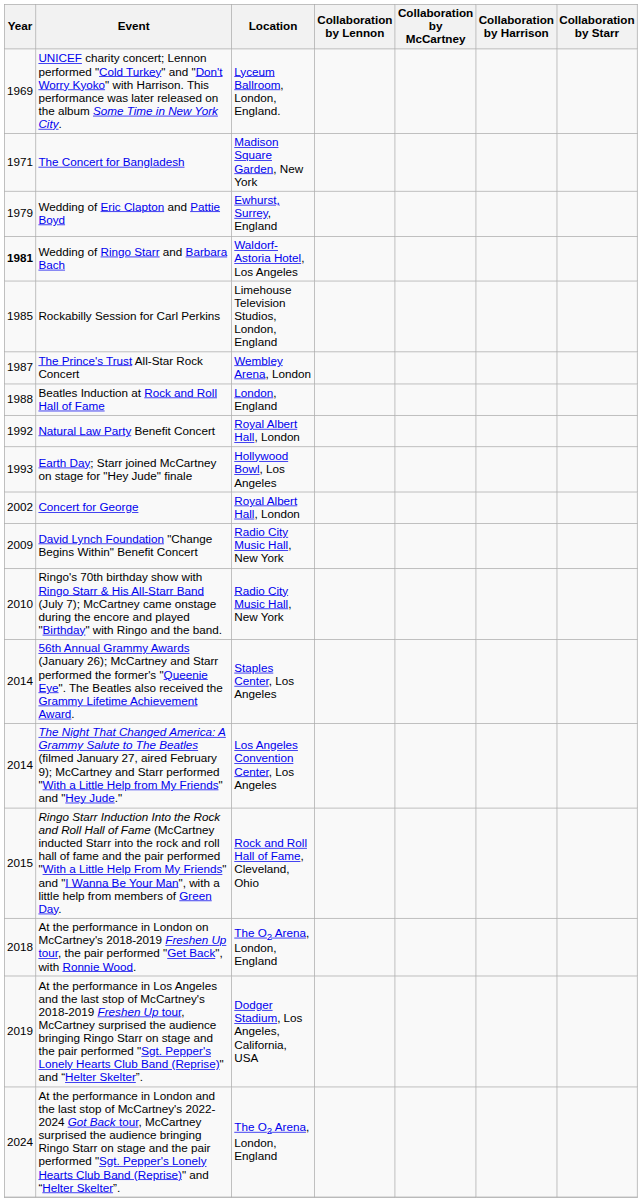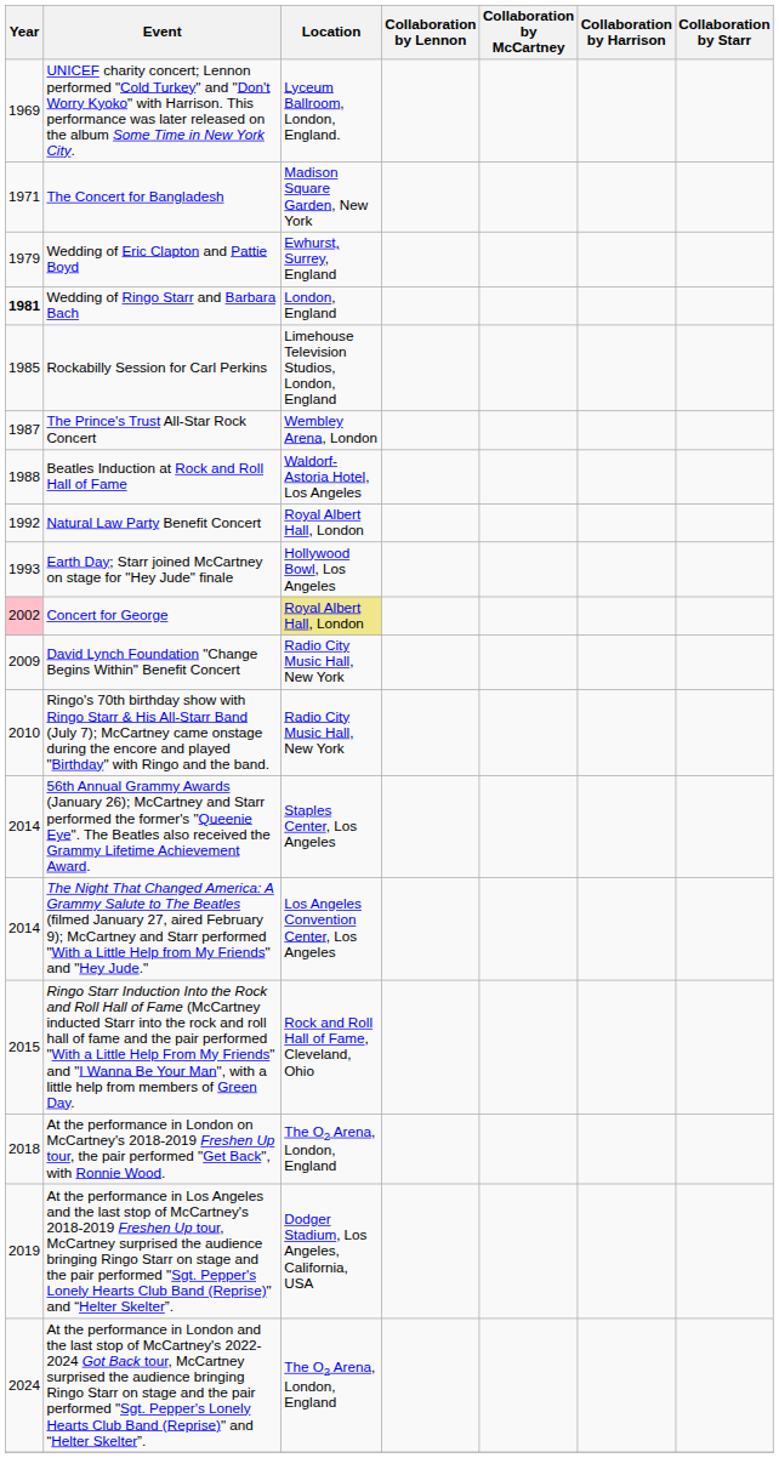 <table class="wikitable sortable sticky-header sort-under" border="1">
 <tr>
 <th>Year</th>
 <th>Event</th>
 <th>Location</th>
 <th>Collaboration<br>by Lennon</th>
 <th>Collaboration<br>by McCartney</th>
 <th>Collaboration<br>by Harrison</th>
 <th>Collaboration<br>by Starr</th>
 </tr>
 <tr>
 <td>1969</td>
 <td><a href='#'>UNICEF</a> charity concert; Lennon performed "<a href='#'>Cold Turkey</a>" and "<a href='#'>Don't Worry Kyoko</a>" with Harrison. This performance was later released on the album <em><a href='#'>Some Time in New York City</a></em>.</td>
 <td><a href='#'>Lyceum Ballroom</a>, London, England.</td>
 <td> </td>
 <td></td>
 <td> </td>
 <td></td>
 </tr>
 <tr>
 <td>1971</td>
 <td><a href='#'>The Concert for Bangladesh</a></td>
 <td><a href='#'>Madison Square Garden</a>, New York</td>
 <td></td>
 <td></td>
 <td> </td>
 <td> </td>
 </tr>
 <tr>
 <td>1979</td>
 <td>Wedding of <a href='#'>Eric Clapton</a> and <a href='#'>Pattie Boyd</a></td>
 <td><a href='#'>Ewhurst, Surrey</a>, England</td>
 <td></td>
 <td> </td>
 <td> </td>
 <td> </td>
 </tr>
 <tr>
 <td><strong>1981</strong></td>
 <td>Wedding of <a href='#'>Ringo Starr</a> and <a href='#'>Barbara Bach</a></td>
-<td><a href='#'>Waldorf-Astoria Hotel</a>, Los Angeles</td>
+<td><a href='#'>London</a>, England</td>
 <td></td>
 <td> </td>
 <td> </td>
 <td> </td>
 </tr>
 <tr>
 <td>1985</td>
 <td>Rockabilly Session for Carl Perkins</td>
 <td>Limehouse Television Studios, London, England</td>
 <td></td>
 <td></td>
 <td> </td>
 <td> </td>
 </tr>
 <tr>
 <td>1987</td>
 <td><a href='#'>The Prince's Trust</a> All-Star Rock Concert</td>
 <td><a href='#'>Wembley Arena</a>, London</td>
 <td></td>
 <td></td>
 <td> </td>
 <td> </td>
 </tr>
 <tr>
 <td>1988</td>
 <td>Beatles Induction at <a href='#'>Rock and Roll Hall of Fame</a></td>
-<td><a href='#'>London</a>, England</td>
+<td><a href='#'>Waldorf-Astoria Hotel</a>, Los Angeles</td>
 <td></td>
 <td></td>
 <td> </td>
 <td> </td>
 </tr>
 <tr>
 <td>1992</td>
 <td><a href='#'>Natural Law Party</a> Benefit Concert</td>
 <td><a href='#'>Royal Albert Hall</a>, London</td>
 <td></td>
 <td></td>
 <td> </td>
 <td> </td>
 </tr>
 <tr>
 <td>1993</td>
 <td><a href='#'>Earth Day</a>; Starr joined McCartney on stage for "Hey Jude" finale</td>
 <td><a href='#'>Hollywood Bowl</a>, Los Angeles</td>
 <td></td>
 <td> </td>
 <td></td>
 <td> </td>
 </tr>
 <tr>
-<td>2002</td>
+<td style="background: pink;">2002</td>
 <td><a href='#'>Concert for George</a></td>
-<td><a href='#'>Royal Albert Hall</a>, London</td>
+<td style="background: khaki;"><a href='#'>Royal Albert Hall</a>, London</td>
 <td></td>
 <td> </td>
 <td></td>
 <td> </td>
 </tr>
 <tr>
 <td>2009</td>
 <td><a href='#'>David Lynch Foundation</a> "Change Begins Within" Benefit Concert</td>
 <td><a href='#'>Radio City Music Hall</a>, New York</td>
 <td></td>
 <td> </td>
 <td></td>
 <td> </td>
 </tr>
 <tr>
 <td>2010</td>
 <td>Ringo's 70th birthday show with <a href='#'>Ringo Starr & His All-Starr Band</a> (July 7); McCartney came onstage during the encore and played "<a href='#'>Birthday</a>" with Ringo and the band.</td>
 <td><a href='#'>Radio City Music Hall</a>, New York</td>
 <td></td>
 <td> </td>
 <td></td>
 <td> </td>
 </tr>
 <tr>
 <td>2014</td>
 <td><a href='#'>56th Annual Grammy Awards</a> (January 26); McCartney and Starr performed the former's "<a href='#'>Queenie Eye</a>". The Beatles also received the <a href='#'>Grammy Lifetime Achievement Award</a>.</td>
 <td><a href='#'>Staples Center</a>, Los Angeles</td>
 <td></td>
 <td> </td>
 <td></td>
 <td> </td>
 </tr>
 <tr>
 <td>2014</td>
 <td><em><a href='#'>The Night That Changed America: A Grammy Salute to The Beatles</a></em> (filmed January 27, aired February 9); McCartney and Starr performed "<a href='#'>With a Little Help from My Friends</a>" and "<a href='#'>Hey Jude</a>."</td>
 <td><a href='#'>Los Angeles Convention Center</a>, Los Angeles</td>
 <td></td>
 <td> </td>
 <td></td>
 <td> </td>
 </tr>
 <tr>
 <td>2015</td>
 <td><em>Ringo Starr Induction Into the Rock and Roll Hall of Fame</em> (McCartney inducted Starr into the rock and roll hall of fame and the pair performed "<a href='#'>With a Little Help From My Friends</a>" and "<a href='#'>I Wanna Be Your Man</a>", with a little help from members of <a href='#'>Green Day</a>.</td>
 <td><a href='#'>Rock and Roll Hall of Fame</a>, Cleveland, Ohio</td>
 <td></td>
 <td> </td>
 <td></td>
 <td> </td>
 </tr>
 <tr>
 <td>2018</td>
 <td>At the performance in London on McCartney's 2018-2019 <a href='#'><em>Freshen Up</em> tour</a>, the pair performed "<a href='#'>Get Back</a>", with  <a href='#'>Ronnie Wood</a>.</td>
 <td><a href='#'>The O<sub>2</sub> Arena</a>, London, England</td>
 <td></td>
 <td> </td>
 <td></td>
 <td> </td>
 </tr>
 <tr>
 <td>2019</td>
 <td>At the performance in Los Angeles and the last stop of McCartney's 2018-2019 <a href='#'><em>Freshen Up</em> tour</a>, McCartney surprised the audience bringing Ringo Starr on stage and the pair performed "<a href='#'>Sgt. Pepper's Lonely Hearts Club Band (Reprise)</a>" and “<a href='#'>Helter Skelter</a>”.</td>
 <td><a href='#'>Dodger Stadium</a>, Los Angeles, California, USA</td>
 <td></td>
 <td> </td>
 <td></td>
 <td> </td>
 </tr>
 <tr>
 <td>2024</td>
 <td>At the performance in London and the last stop of McCartney's 2022-2024 <a href='#'><em>Got Back</em> tour</a>, McCartney surprised the audience bringing Ringo Starr on stage and the pair performed "<a href='#'>Sgt. Pepper's Lonely Hearts Club Band (Reprise)</a>" and “<a href='#'>Helter Skelter</a>”.</td>
 <td><a href='#'>The O<sub>2</sub> Arena</a>, London, England</td>
 <td></td>
 <td> </td>
 <td></td>
 <td> </td>
 </tr>
 <tr>
 </tr>
 </table>
